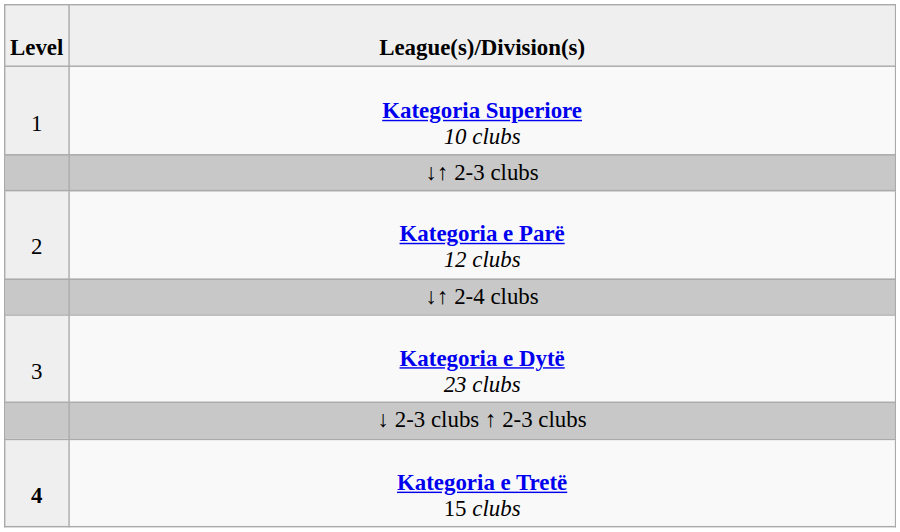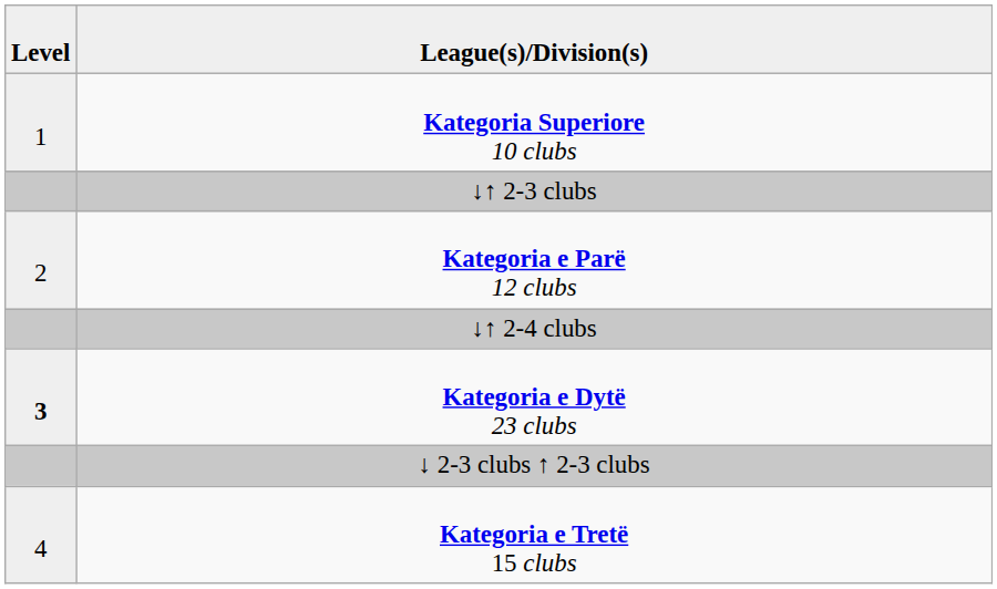 <table class="wikitable" style="text-align:center; width:100%;">
 <tr style="background:#efefef;">
 <td style="width:4%; text-align:center;"><br><strong>Level</strong></td>
 <td style="width:96%; text-align:center;"><br><strong>League(s)/Division(s)</strong></td>
 </tr>
 <tr>
 <td style="text-align:center; width:4%; background:#efefef;"><br>1</td>
 <td style="width:96%; text-align:center;"><br><strong><a href='#'>Kategoria Superiore</a></strong><br> <em>10 clubs</em><br></td>
 </tr>
 <tr style="background:#c8c8c8">
 <td style="width:4%;"></td>
 <td style="width:96%;">↓↑ 2-3 clubs</td>
 </tr>
 <tr>
 <td style="text-align:center; width:4%; background:#efefef;"><br>2</td>
 <td style="width:96%; text-align:center;"><br><strong><a href='#'>Kategoria e Parë</a></strong><br> <em>12 clubs</em><br></td>
 </tr>
 <tr style="background:#c8c8c8">
 <td style="width:4%;"></td>
 <td style="width:96%;">↓↑ 2-4 clubs</td>
 </tr>
 <tr>
-<td style="text-align:center; width:4%; background:#efefef;"><br>3</td>
+<td style="text-align:center; width:4%; background:#efefef;"><strong><br>3</strong></td>
 <td style="width:96%; text-align:center;"><br><strong><a href='#'>Kategoria e Dytë</a></strong><br> <em>23 clubs</em><br></td>
 </tr>
 <tr style="background:#c8c8c8">
 <td style="width:4%;"></td>
 <td style="width:96%;">↓ 2-3 clubs ↑ 2-3 clubs</td>
 </tr>
 <tr>
-<td style="text-align:center; width:4%; background:#efefef;"><strong><br>4</strong></td>
+<td style="text-align:center; width:4%; background:#efefef;"><br>4</td>
 <td style="width:96%; text-align:center;"><br><strong><a href='#'>Kategoria e Tretë</a></strong><br> 15 <em>clubs</em><br></td>
 </tr>
 </table>
